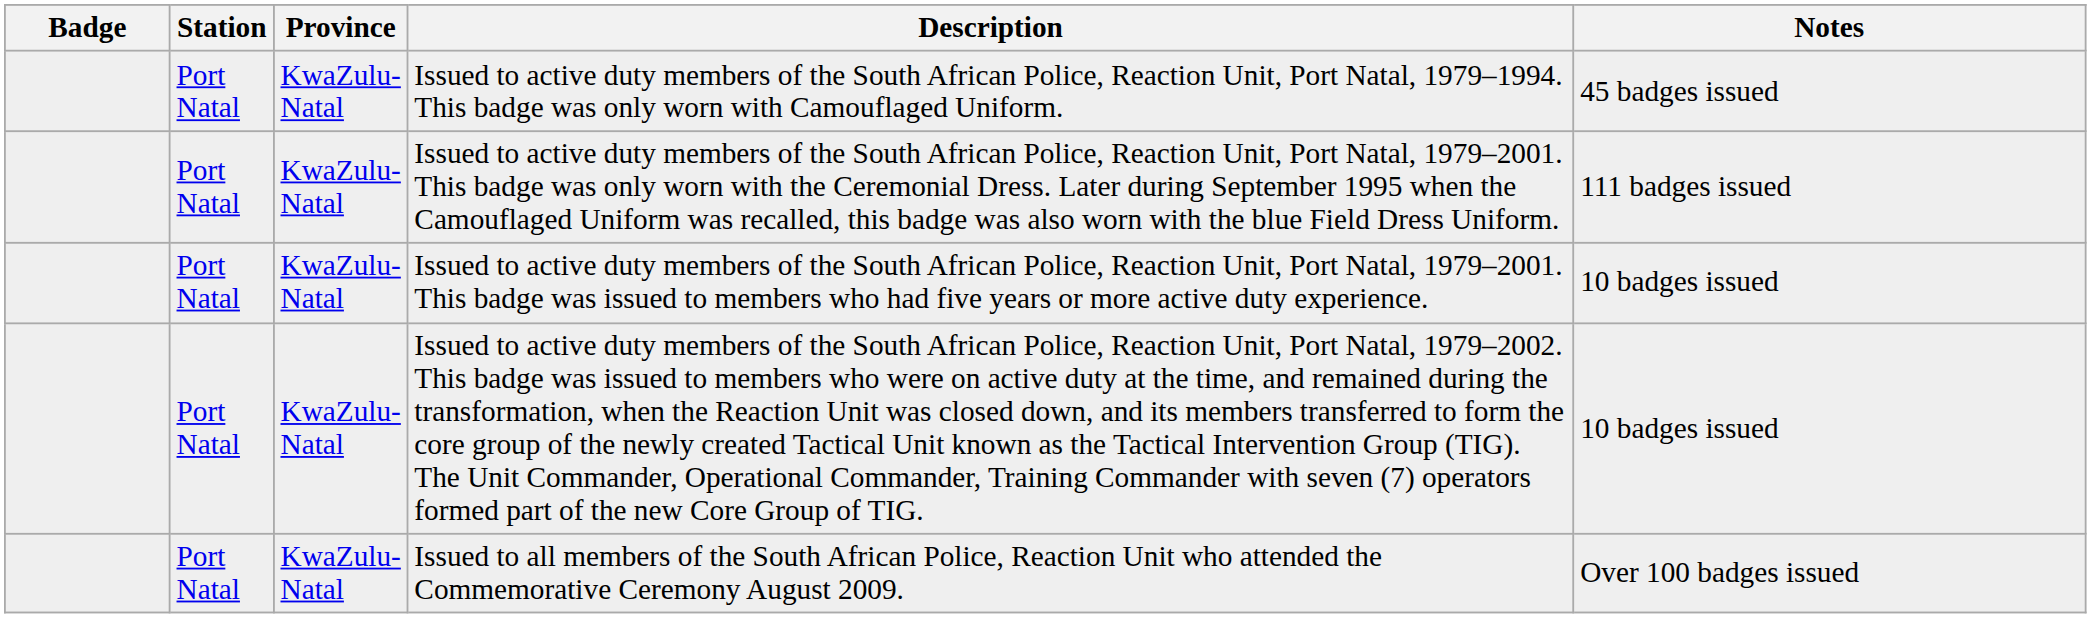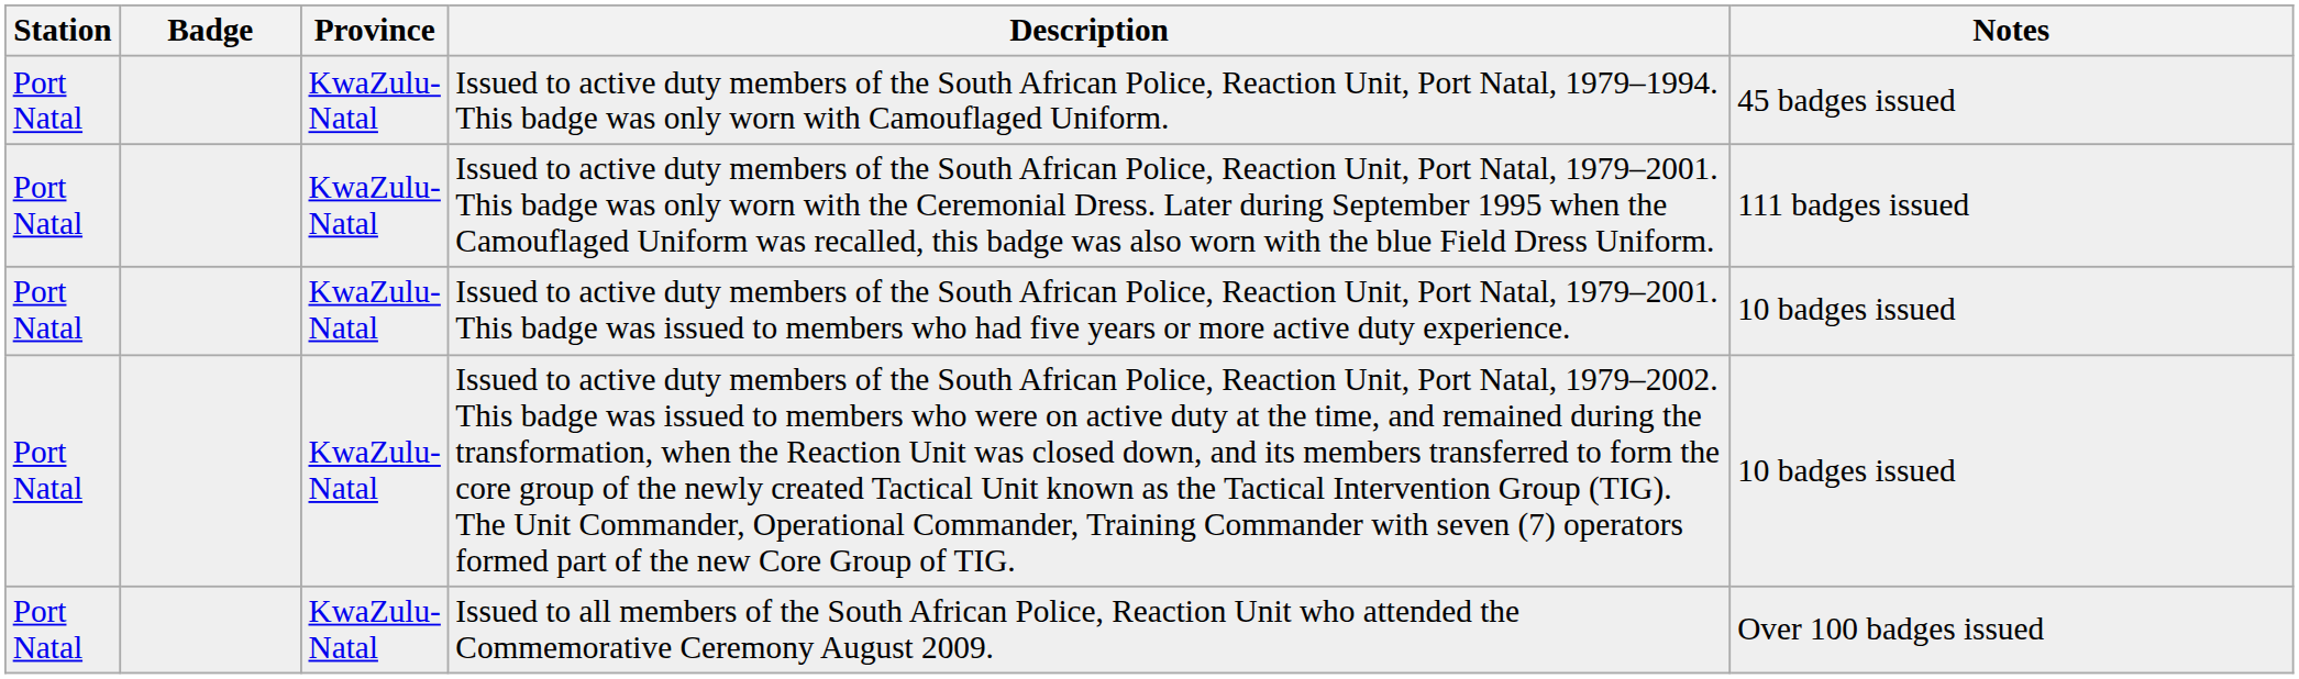 <table class="wikitable" style="width:90%;">
 <tr>
+<th style="width:5%;">Station</th>
 <th style="width:8%;">Badge</th>
-<th style="width:5%;">Station</th>
 <th style="width:5%;">Province</th>
 <th style="width:57%;">Description</th>
 <th style="width:25%;">Notes</th>
 </tr>
 <tr style="background:#efefef; color:black">
+<td><a href='#'>Port Natal</a></td>
 <td></td>
-<td><a href='#'>Port Natal</a></td>
 <td><a href='#'>KwaZulu-Natal</a></td>
 <td>Issued to active duty members of the South African Police, Reaction Unit, Port Natal, 1979–1994. This badge was only worn with Camouflaged Uniform.</td>
 <td>45 badges issued</td>
 </tr>
 <tr style="background:#efefef; color:black">
+<td><a href='#'>Port Natal</a></td>
 <td></td>
-<td><a href='#'>Port Natal</a></td>
 <td><a href='#'>KwaZulu-Natal</a></td>
 <td>Issued to active duty members of the South African Police, Reaction Unit, Port Natal, 1979–2001. This badge was only worn with the Ceremonial Dress. Later during September 1995 when the Camouflaged Uniform was recalled, this badge was also worn with the blue Field Dress Uniform.</td>
 <td>111 badges issued</td>
 </tr>
 <tr style="background:#efefef; color:black">
+<td><a href='#'>Port Natal</a></td>
 <td></td>
-<td><a href='#'>Port Natal</a></td>
 <td><a href='#'>KwaZulu-Natal</a></td>
 <td>Issued to active duty members of the South African Police, Reaction Unit, Port Natal, 1979–2001. This badge was issued to members who had five years or more active duty experience.</td>
 <td>10 badges issued</td>
 </tr>
 <tr style="background:#efefef; color:black">
+<td><a href='#'>Port Natal</a></td>
 <td></td>
-<td><a href='#'>Port Natal</a></td>
 <td><a href='#'>KwaZulu-Natal</a></td>
 <td>Issued to active duty members of the South African Police, Reaction Unit, Port Natal, 1979–2002. This badge was issued to members who were on active duty at the time, and remained during the transformation, when the Reaction Unit was closed down, and its members transferred to form the core group of the newly created Tactical Unit known as the Tactical Intervention Group (TIG). The Unit Commander, Operational Commander, Training Commander with seven (7) operators formed part of the new Core Group of TIG.</td>
 <td>10 badges issued</td>
 </tr>
 <tr style="background:#efefef; color:black">
+<td><a href='#'>Port Natal</a></td>
 <td></td>
-<td><a href='#'>Port Natal</a></td>
 <td><a href='#'>KwaZulu-Natal</a></td>
 <td>Issued to all members of the South African Police, Reaction Unit who attended the Commemorative Ceremony August 2009.</td>
 <td>Over 100 badges issued</td>
 </tr>
 </table>
